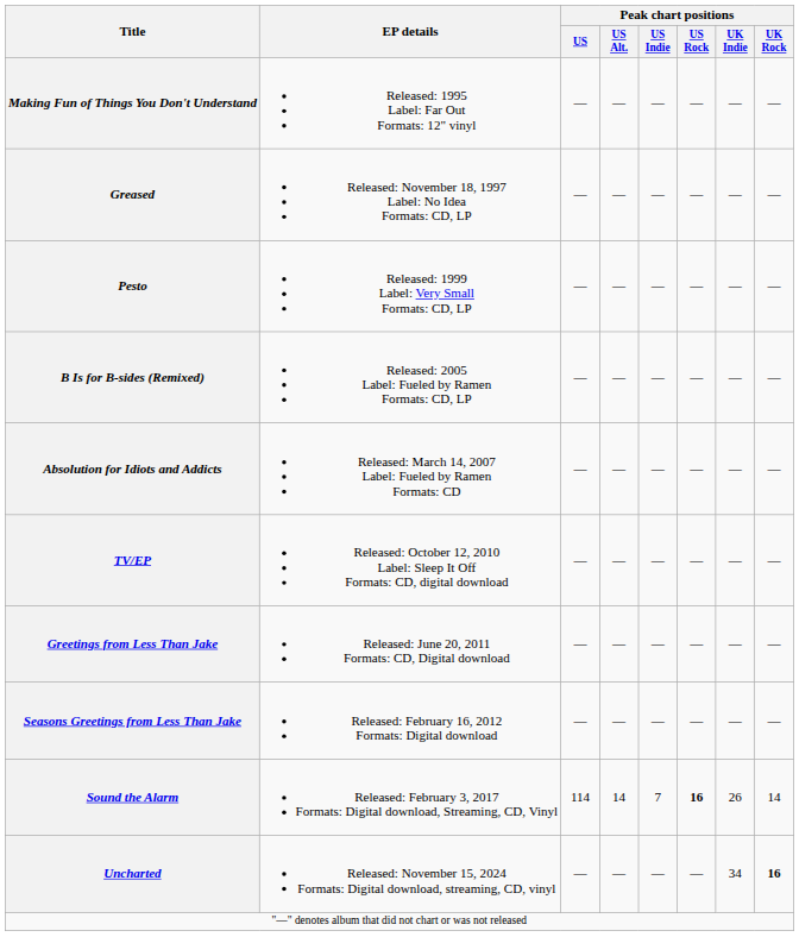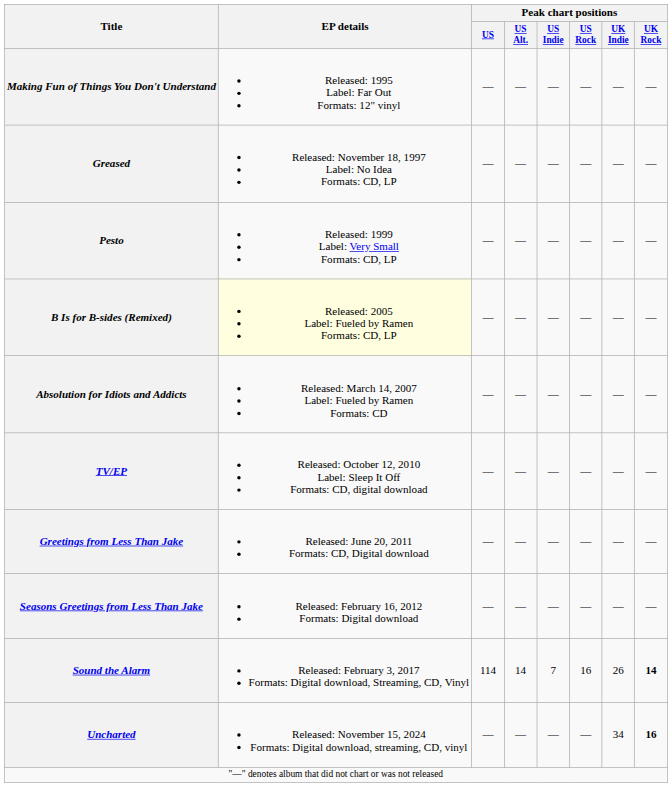 <table class="wikitable plainrowheaders" style="text-align:center;">
 <tr>
 <th scope="col" rowspan="2">Title</th>
 <th scope="col" rowspan="2">EP details</th>
 <th scope="col" colspan="6">Peak chart positions</th>
 </tr>
 <tr>
 <th scope="col" style="width:3em;font-size:85%;"><a href='#'>US</a><br></th>
 <th scope="col" style="width:3em;font-size:85%;"><a href='#'>US<br>Alt.</a><br></th>
 <th scope="col" style="width:3em;font-size:85%;"><a href='#'>US<br>Indie</a><br></th>
 <th scope="col" style="width:3em;font-size:85%;"><a href='#'>US<br>Rock</a><br></th>
 <th scope="col" style="width:3em;font-size:85%;"><a href='#'>UK<br>Indie</a><br></th>
 <th scope="col" style="width:3em;font-size:85%;"><a href='#'>UK<br>Rock</a><br></th>
 </tr>
 <tr>
 <th scope="row"><em>Making Fun of Things You Don't Understand</em></th>
 <td><br><ul><li>Released: 1995</li><li>Label: Far Out</li><li>Formats: 12" vinyl</li></ul></td>
 <td>—</td>
 <td>—</td>
 <td>—</td>
 <td>—</td>
 <td>—</td>
 <td>—</td>
 </tr>
 <tr>
 <th scope="row"><em>Greased</em></th>
 <td><br><ul><li>Released: November 18, 1997</li><li>Label: No Idea</li><li>Formats: CD, LP</li></ul></td>
 <td>—</td>
 <td>—</td>
 <td>—</td>
 <td>—</td>
 <td>—</td>
 <td>—</td>
 </tr>
 <tr>
 <th scope="row"><em>Pesto</em></th>
 <td><br><ul><li>Released: 1999</li><li>Label: <a href='#'>Very Small</a></li><li>Formats: CD, LP</li></ul></td>
 <td>—</td>
 <td>—</td>
 <td>—</td>
 <td>—</td>
 <td>—</td>
 <td>—</td>
 </tr>
 <tr>
 <th scope="row"><em>B Is for B-sides (Remixed)</em></th>
-<td><br><ul><li>Released: 2005</li><li>Label: Fueled by Ramen</li><li>Formats: CD, LP</li></ul></td>
+<td style="background: lightyellow;"><br><ul><li>Released: 2005</li><li>Label: Fueled by Ramen</li><li>Formats: CD, LP</li></ul></td>
 <td>—</td>
 <td>—</td>
 <td>—</td>
 <td>—</td>
 <td>—</td>
 <td>—</td>
 </tr>
 <tr>
 <th scope="row"><em>Absolution for Idiots and Addicts</em></th>
 <td><br><ul><li>Released: March 14, 2007</li><li>Label: Fueled by Ramen</li><li>Formats: CD</li></ul></td>
 <td>—</td>
 <td>—</td>
 <td>—</td>
 <td>—</td>
 <td>—</td>
 <td>—</td>
 </tr>
 <tr>
 <th scope="row"><em><a href='#'>TV/EP</a></em></th>
 <td><br><ul><li>Released: October 12, 2010</li><li>Label: Sleep It Off</li><li>Formats: CD, digital download</li></ul></td>
 <td>—</td>
 <td>—</td>
 <td>—</td>
 <td>—</td>
 <td>—</td>
 <td>—</td>
 </tr>
 <tr>
 <th scope="row"><em><a href='#'>Greetings from Less Than Jake</a></em></th>
 <td><br><ul><li>Released: June 20, 2011</li><li>Formats: CD, Digital download</li></ul></td>
 <td>—</td>
 <td>—</td>
 <td>—</td>
 <td>—</td>
 <td>—</td>
 <td>—</td>
 </tr>
 <tr>
 <th scope="row"><em><a href='#'>Seasons Greetings from Less Than Jake</a></em></th>
 <td><br><ul><li>Released: February 16, 2012</li><li>Formats: Digital download</li></ul></td>
 <td>—</td>
 <td>—</td>
 <td>—</td>
 <td>—</td>
 <td>—</td>
 <td>—</td>
 </tr>
 <tr>
 <th scope="row"><em><a href='#'>Sound the Alarm</a></em></th>
 <td><br><ul><li>Released: February 3, 2017</li><li>Formats: Digital download, Streaming, CD, Vinyl</li></ul></td>
 <td>114</td>
 <td>14</td>
 <td>7</td>
-<td><strong>16</strong></td>
+<td>16</td>
 <td>26</td>
-<td>14</td>
+<td><strong>14</strong></td>
 </tr>
 <tr>
 <th scope="row"><em><a href='#'>Uncharted</a></em></th>
 <td><br><ul><li>Released: November 15, 2024</li><li>Formats: Digital download, streaming, CD, vinyl</li></ul></td>
 <td>—</td>
 <td>—</td>
 <td>—</td>
 <td>—</td>
 <td>34</td>
 <td><strong>16</strong></td>
 </tr>
 <tr>
 <td colspan="18" style="text-align:center; font-size:85%;">"—" denotes album that did not chart or was not released</td>
 </tr>
 </table>
